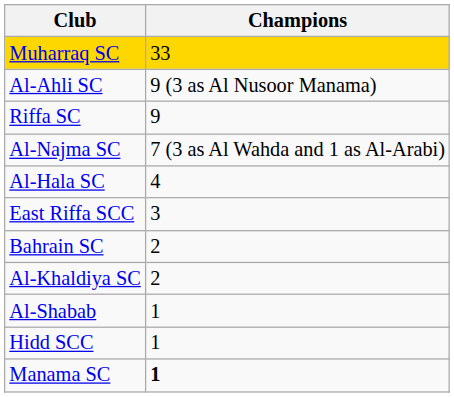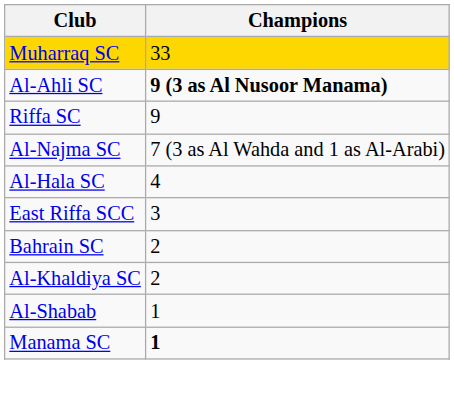 <table class="wikitable sortable" style="font–size:95%;">
 <tr style="background:#efefef;">
 <th>Club</th>
 <th>Champions</th>
 </tr>
 <tr ! style="background:gold;">
 <td><a href='#'>Muharraq SC</a></td>
 <td>33</td>
 </tr>
 <tr>
 <td><a href='#'>Al-Ahli SC</a></td>
-<td>9 (3 as Al Nusoor Manama)</td>
+<td><strong>9 (3 as Al Nusoor Manama)</strong></td>
 </tr>
 <tr>
 <td><a href='#'>Riffa SC</a></td>
 <td>9</td>
 </tr>
 <tr>
 <td><a href='#'>Al-Najma SC</a></td>
 <td>7 (3 as Al Wahda and 1 as Al-Arabi)</td>
 </tr>
 <tr>
 <td><a href='#'>Al-Hala SC</a></td>
 <td>4</td>
 </tr>
 <tr>
 <td><a href='#'>East Riffa SCC</a></td>
 <td>3</td>
 </tr>
 <tr>
 <td><a href='#'>Bahrain SC</a></td>
 <td>2</td>
 </tr>
 <tr>
 <td><a href='#'>Al-Khaldiya SC</a></td>
 <td>2</td>
 </tr>
 <tr>
 <td><a href='#'>Al-Shabab</a></td>
 <td>1</td>
 </tr>
 <tr>
-<td><a href='#'>Hidd SCC</a></td>
-<td>1</td>
-</tr>
-<tr>
 <td><a href='#'>Manama SC</a></td>
 <td><strong>1</strong></td>
 </tr>
 </table>
